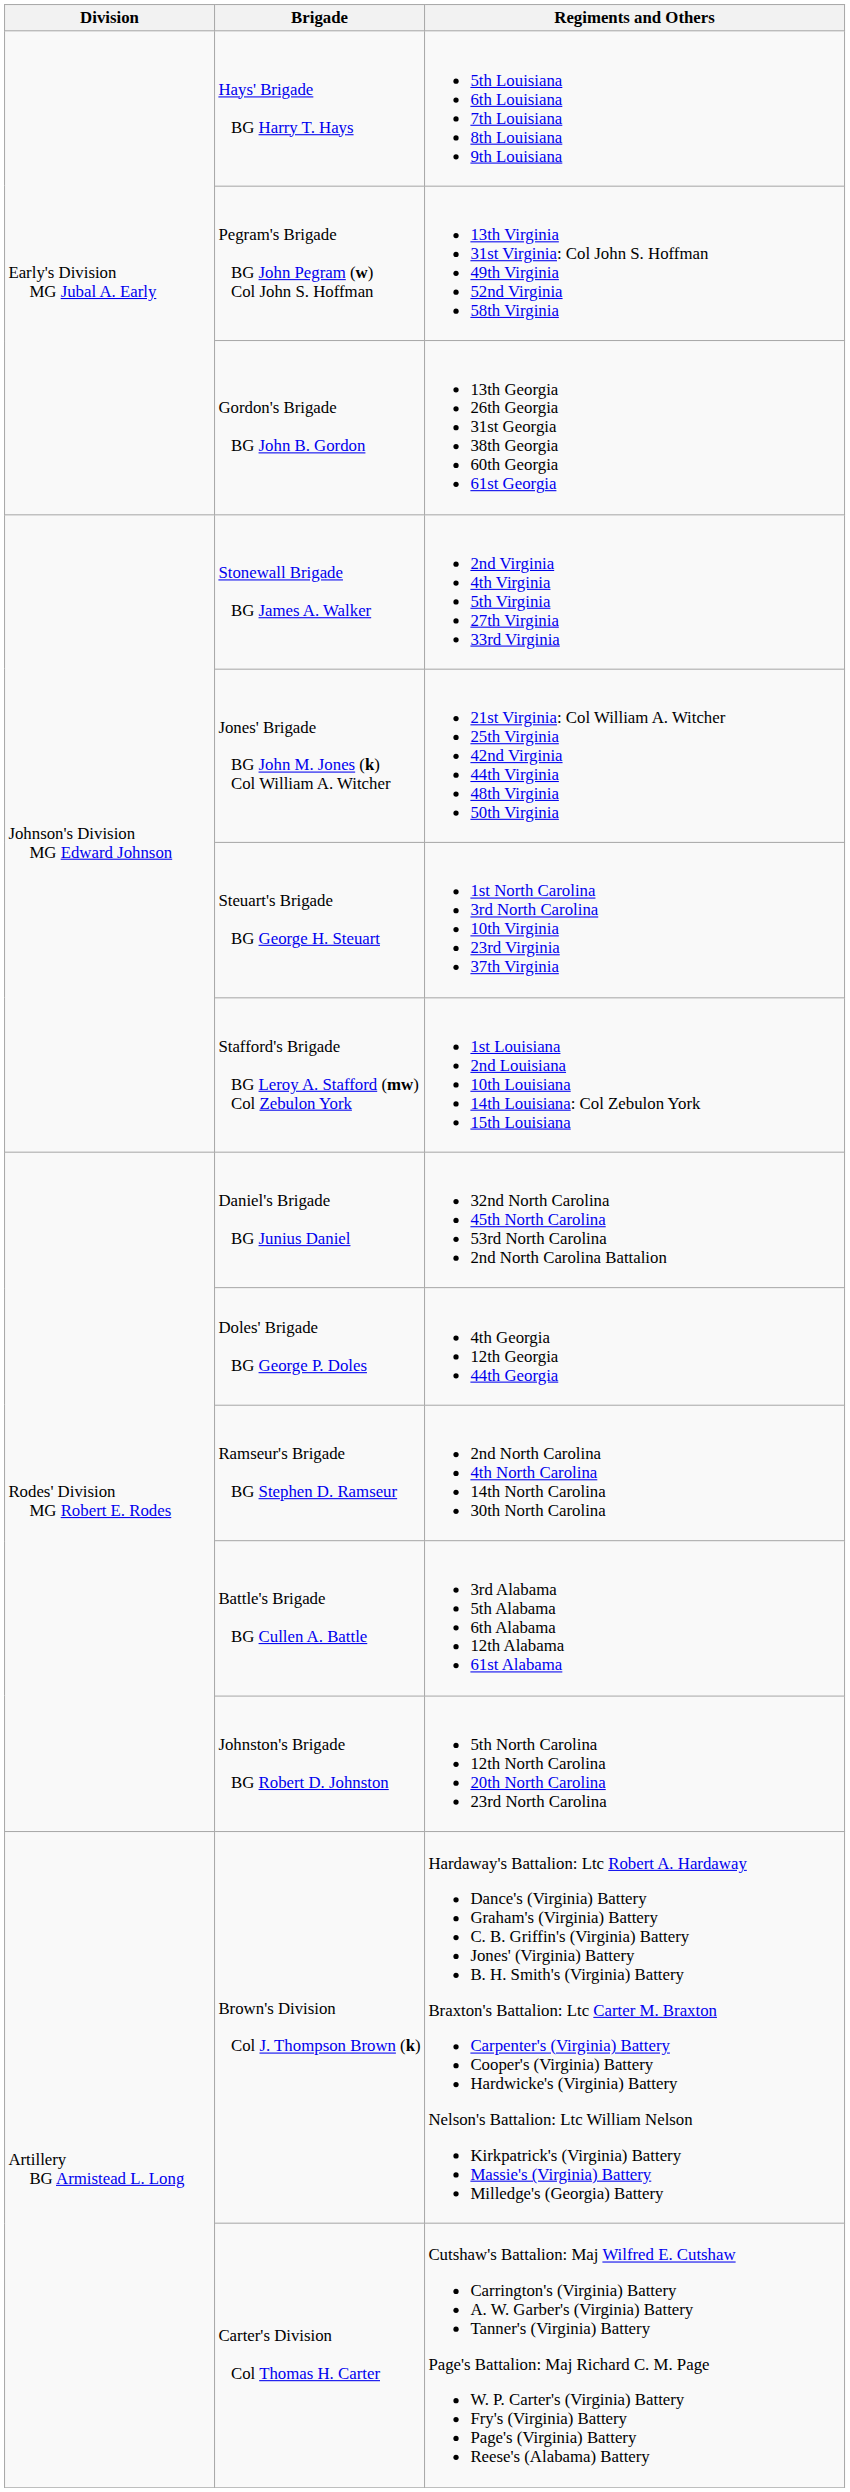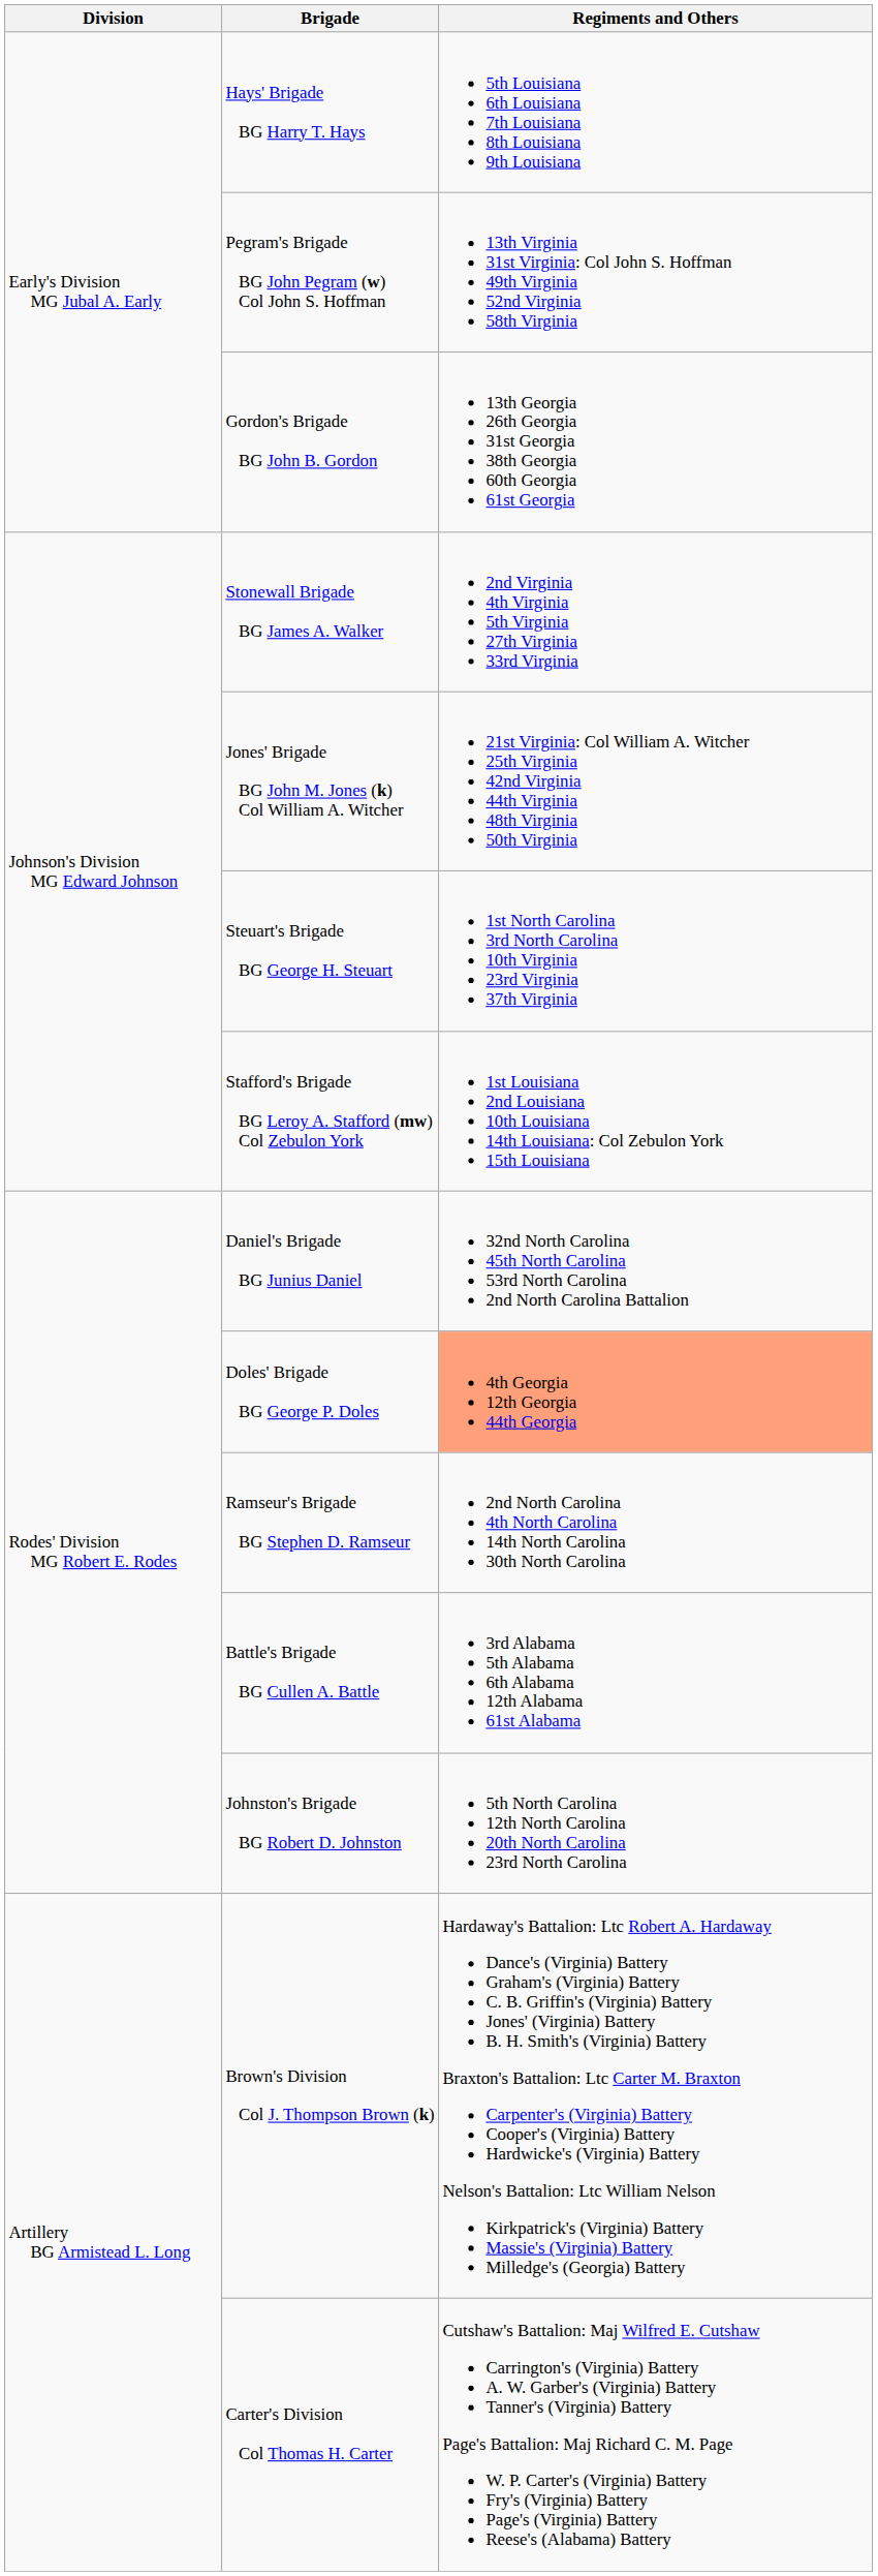 <table class="wikitable">
 <tr>
 <th width=25%>Division</th>
 <th width=25%>Brigade</th>
 <th>Regiments and Others</th>
 </tr>
 <tr>
 <td rowspan=3><br>Early's Division <br>     MG <a href='#'>Jubal A. Early</a></td>
 <td><a href='#'>Hays' Brigade</a><br><br>   BG <a href='#'>Harry T. Hays</a></td>
 <td><br><ul><li><a href='#'>5th Louisiana</a></li><li><a href='#'>6th Louisiana</a></li><li><a href='#'>7th Louisiana</a></li><li><a href='#'>8th Louisiana</a></li><li><a href='#'>9th Louisiana</a></li></ul></td>
 </tr>
 <tr>
 <td>Pegram's Brigade<br><br>   BG <a href='#'>John Pegram</a> (<strong>w</strong>) <br>   Col John S. Hoffman</td>
 <td><br><ul><li><a href='#'>13th Virginia</a></li><li><a href='#'>31st Virginia</a>: Col John S. Hoffman</li><li><a href='#'>49th Virginia</a></li><li><a href='#'>52nd Virginia</a></li><li><a href='#'>58th Virginia</a></li></ul></td>
 </tr>
 <tr>
 <td>Gordon's Brigade<br><br>   BG <a href='#'>John B. Gordon</a></td>
 <td><br><ul><li>13th Georgia</li><li>26th Georgia</li><li>31st Georgia</li><li>38th Georgia</li><li>60th Georgia</li><li><a href='#'>61st Georgia</a></li></ul></td>
 </tr>
 <tr>
 <td rowspan=4><br>Johnson's Division <br>     MG <a href='#'>Edward Johnson</a></td>
 <td><a href='#'>Stonewall Brigade</a><br><br>   BG <a href='#'>James A. Walker</a></td>
 <td><br><ul><li><a href='#'>2nd Virginia</a></li><li><a href='#'>4th Virginia</a></li><li><a href='#'>5th Virginia</a></li><li><a href='#'>27th Virginia</a></li><li><a href='#'>33rd Virginia</a></li></ul></td>
 </tr>
 <tr>
 <td>Jones' Brigade<br><br>   BG <a href='#'>John M. Jones</a> (<strong>k</strong>) <br>   Col William A. Witcher</td>
 <td><br><ul><li><a href='#'>21st Virginia</a>: Col William A. Witcher</li><li><a href='#'>25th Virginia</a></li><li><a href='#'>42nd Virginia</a></li><li><a href='#'>44th Virginia</a></li><li><a href='#'>48th Virginia</a></li><li><a href='#'>50th Virginia</a></li></ul></td>
 </tr>
 <tr>
 <td>Steuart's Brigade<br><br>   BG <a href='#'>George H. Steuart</a></td>
 <td><br><ul><li><a href='#'>1st North Carolina</a></li><li><a href='#'>3rd North Carolina</a></li><li><a href='#'>10th Virginia</a></li><li><a href='#'>23rd Virginia</a></li><li><a href='#'>37th Virginia</a></li></ul></td>
 </tr>
 <tr>
 <td>Stafford's Brigade<br><br>   BG <a href='#'>Leroy A. Stafford</a> (<strong>mw</strong>) <br>   Col <a href='#'>Zebulon York</a></td>
 <td><br><ul><li><a href='#'>1st Louisiana</a></li><li><a href='#'>2nd Louisiana</a></li><li><a href='#'>10th Louisiana</a></li><li><a href='#'>14th Louisiana</a>: Col Zebulon York</li><li><a href='#'>15th Louisiana</a></li></ul></td>
 </tr>
 <tr>
 <td rowspan=5><br>Rodes' Division <br>     MG <a href='#'>Robert E. Rodes</a></td>
 <td>Daniel's Brigade<br><br>   BG <a href='#'>Junius Daniel</a></td>
 <td><br><ul><li>32nd North Carolina</li><li><a href='#'>45th North Carolina</a></li><li>53rd North Carolina</li><li>2nd North Carolina Battalion</li></ul></td>
 </tr>
 <tr>
 <td>Doles' Brigade<br><br>   BG <a href='#'>George P. Doles</a></td>
-<td><br><ul><li>4th Georgia</li><li>12th Georgia</li><li><a href='#'>44th Georgia</a></li></ul></td>
+<td style="background: lightsalmon;"><br><ul><li>4th Georgia</li><li>12th Georgia</li><li><a href='#'>44th Georgia</a></li></ul></td>
 </tr>
 <tr>
 <td>Ramseur's Brigade<br><br>   BG <a href='#'>Stephen D. Ramseur</a></td>
 <td><br><ul><li>2nd North Carolina</li><li><a href='#'>4th North Carolina</a></li><li>14th North Carolina</li><li>30th North Carolina</li></ul></td>
 </tr>
 <tr>
 <td>Battle's Brigade<br><br>   BG <a href='#'>Cullen A. Battle</a></td>
 <td><br><ul><li>3rd Alabama</li><li>5th Alabama</li><li>6th Alabama</li><li>12th Alabama</li><li><a href='#'>61st Alabama</a></li></ul></td>
 </tr>
 <tr>
 <td>Johnston's Brigade<br><br>   BG <a href='#'>Robert D. Johnston</a></td>
 <td><br><ul><li>5th North Carolina</li><li>12th North Carolina</li><li><a href='#'>20th North Carolina</a></li><li>23rd North Carolina</li></ul></td>
 </tr>
 <tr>
 <td rowspan=2><br>Artillery <br>     BG <a href='#'>Armistead L. Long</a></td>
 <td>Brown's Division<br><br>   Col <a href='#'>J. Thompson Brown</a> (<strong>k</strong>)</td>
 <td><br>Hardaway's Battalion: Ltc <a href='#'>Robert A. Hardaway</a><ul><li>Dance's (Virginia) Battery</li><li>Graham's (Virginia) Battery</li><li>C. B. Griffin's (Virginia) Battery</li><li>Jones' (Virginia) Battery</li><li>B. H. Smith's (Virginia) Battery</li></ul>Braxton's Battalion: Ltc <a href='#'>Carter M. Braxton</a><ul><li><a href='#'>Carpenter's (Virginia) Battery</a></li><li>Cooper's (Virginia) Battery</li><li>Hardwicke's (Virginia) Battery</li></ul>Nelson's Battalion: Ltc William Nelson<ul><li>Kirkpatrick's (Virginia) Battery</li><li><a href='#'>Massie's (Virginia) Battery</a></li><li>Milledge's (Georgia) Battery</li></ul></td>
 </tr>
 <tr>
 <td>Carter's Division<br><br>   Col <a href='#'>Thomas H. Carter</a></td>
 <td><br>Cutshaw's Battalion: Maj <a href='#'>Wilfred E. Cutshaw</a><ul><li>Carrington's (Virginia) Battery</li><li>A. W. Garber's (Virginia) Battery</li><li>Tanner's (Virginia) Battery</li></ul>Page's Battalion: Maj Richard C. M. Page<ul><li>W. P. Carter's (Virginia) Battery</li><li>Fry's (Virginia) Battery</li><li>Page's (Virginia) Battery</li><li>Reese's (Alabama) Battery</li></ul></td>
 </tr>
 </table>
